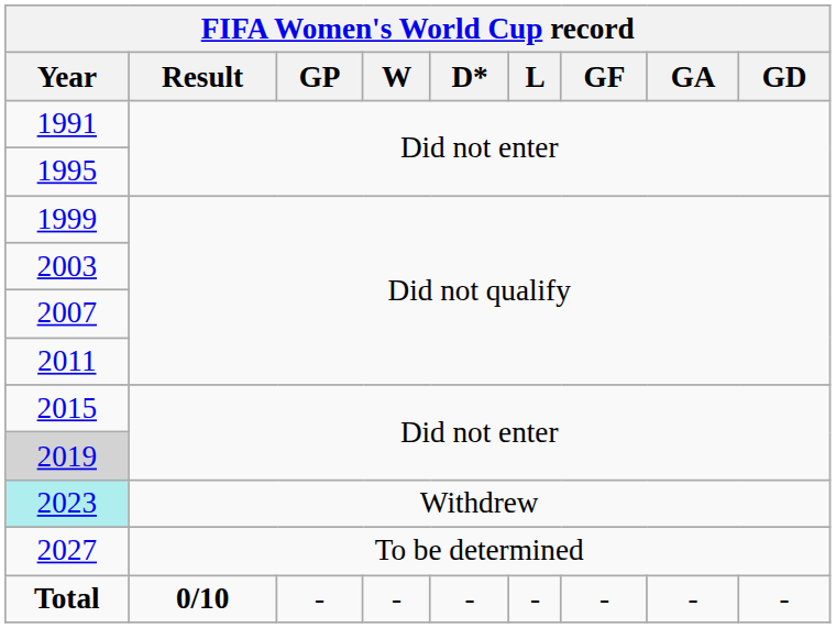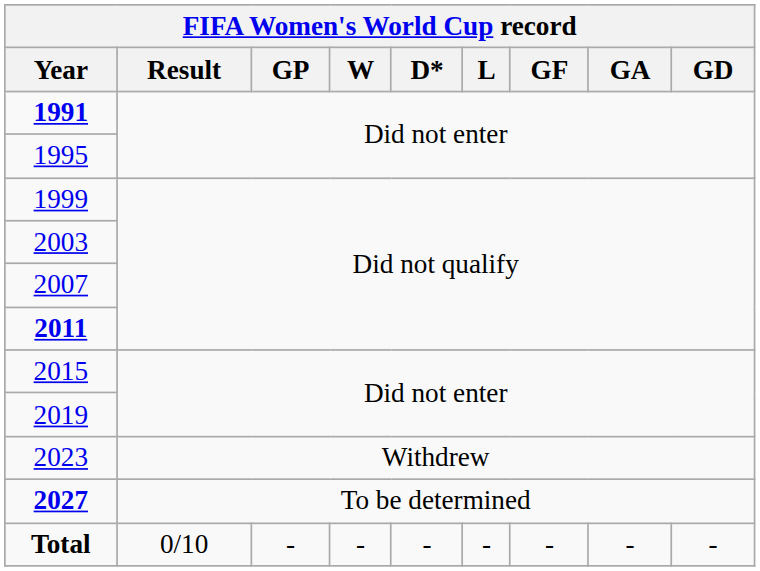 <table class="wikitable" style="text-align: center; width:50%;">
 <tr>
 <th colspan=10><a href='#'>FIFA Women's World Cup</a> record</th>
 </tr>
 <tr>
 <th>Year</th>
 <th>Result</th>
 <th>GP</th>
 <th>W</th>
 <th>D*</th>
 <th>L</th>
 <th>GF</th>
 <th>GA</th>
 <th>GD</th>
 </tr>
 <tr>
-<td> <a href='#'>1991</a></td>
+<td><strong> <a href='#'>1991</a></strong></td>
 <td colspan=8 rowspan=2>Did not enter</td>
 </tr>
 <tr>
 <td> <a href='#'>1995</a></td>
 </tr>
 <tr>
 <td> <a href='#'>1999</a></td>
 <td colspan=8 rowspan=4>Did not qualify</td>
 </tr>
 <tr>
 <td> <a href='#'>2003</a></td>
 </tr>
 <tr>
 <td> <a href='#'>2007</a></td>
 </tr>
 <tr>
-<td> <a href='#'>2011</a></td>
+<td><strong> <a href='#'>2011</a></strong></td>
 </tr>
 <tr>
 <td> <a href='#'>2015</a></td>
 <td colspan=8 rowspan=2>Did not enter</td>
 </tr>
 <tr>
-<td style="background: lightgrey;"> <a href='#'>2019</a></td>
+<td> <a href='#'>2019</a></td>
 </tr>
 <tr>
-<td style="background: paleturquoise;"> <a href='#'>2023</a></td>
+<td> <a href='#'>2023</a></td>
 <td colspan=8>Withdrew</td>
 </tr>
 <tr>
-<td> <a href='#'>2027</a></td>
+<td><strong> <a href='#'>2027</a></strong></td>
 <td colspan=8>To be determined</td>
 </tr>
 <tr>
 <td><strong>Total</strong></td>
-<td><strong>0/10</strong></td>
+<td>0/10</td>
 <td>-</td>
 <td>-</td>
 <td>-</td>
 <td>-</td>
 <td>-</td>
 <td>-</td>
 <td>-</td>
 </tr>
 </table>
